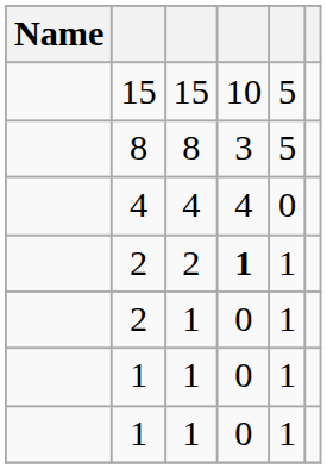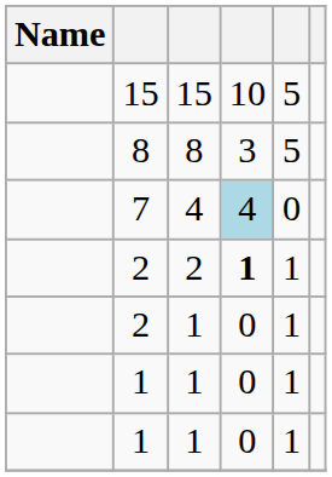 <table class="wikitable sortable" style="text-align:center">
 <tr>
 <th>Name</th>
 <th></th>
 <th></th>
 <th></th>
 <th></th>
 <th></th>
 </tr>
 <tr>
 <td></td>
 <td>15</td>
 <td>15</td>
 <td>10</td>
 <td>5</td>
 <td></td>
 </tr>
 <tr>
 <td></td>
 <td>8</td>
 <td>8</td>
 <td>3</td>
 <td>5</td>
 <td></td>
 </tr>
 <tr>
 <td></td>
+<td>7</td>
 <td>4</td>
-<td>4</td>
-<td>4</td>
+<td style="background: lightblue;">4</td>
 <td>0</td>
 <td></td>
 </tr>
 <tr>
 <td></td>
 <td>2</td>
 <td>2</td>
 <td><strong>1</strong></td>
 <td>1</td>
 <td></td>
 </tr>
 <tr>
 <td></td>
 <td>2</td>
 <td>1</td>
 <td>0</td>
 <td>1</td>
 <td></td>
 </tr>
 <tr>
 <td></td>
 <td>1</td>
 <td>1</td>
 <td>0</td>
 <td>1</td>
 <td></td>
 </tr>
 <tr>
 <td></td>
 <td>1</td>
 <td>1</td>
 <td>0</td>
 <td>1</td>
 <td></td>
 </tr>
 <tr>
 </tr>
 </table>
